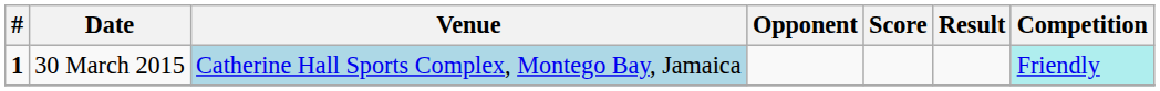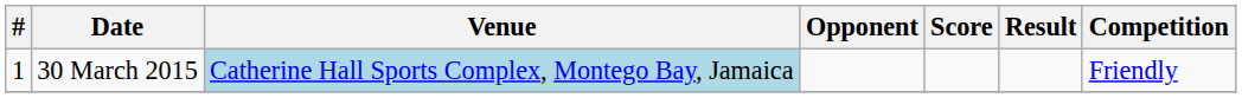 <table class="wikitable" style="font-size:95%;">
 <tr>
 <th>#</th>
 <th>Date</th>
 <th>Venue</th>
 <th>Opponent</th>
 <th>Score</th>
 <th>Result</th>
 <th>Competition</th>
 </tr>
 <tr>
-<td><strong>1</strong></td>
+<td>1</td>
 <td>30 March 2015</td>
 <td style="background: lightblue;"><a href='#'>Catherine Hall Sports Complex</a>, <a href='#'>Montego Bay</a>, Jamaica</td>
 <td></td>
 <td></td>
 <td></td>
-<td style="background: paleturquoise;"><a href='#'>Friendly</a></td>
+<td><a href='#'>Friendly</a></td>
 </tr>
 <tr>
 </tr>
 </table>
